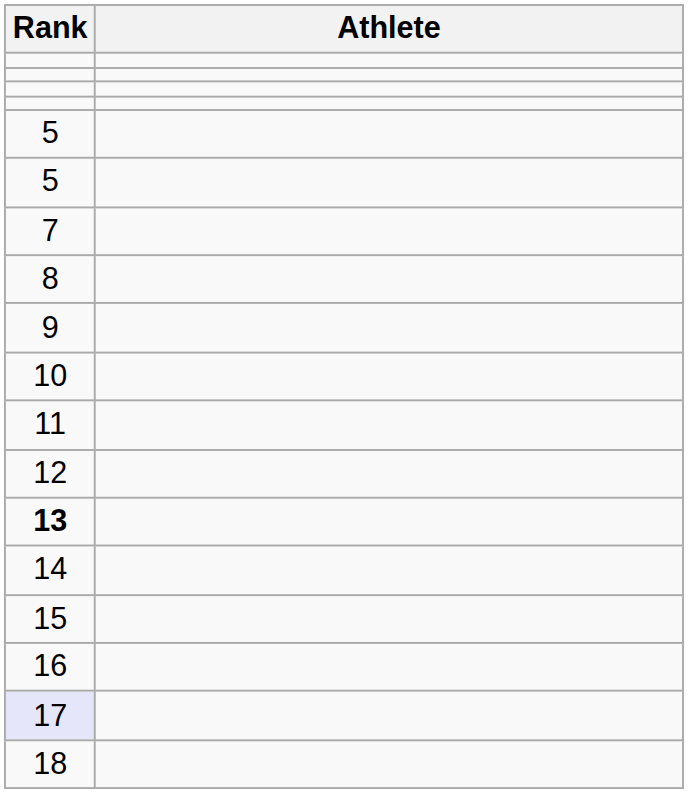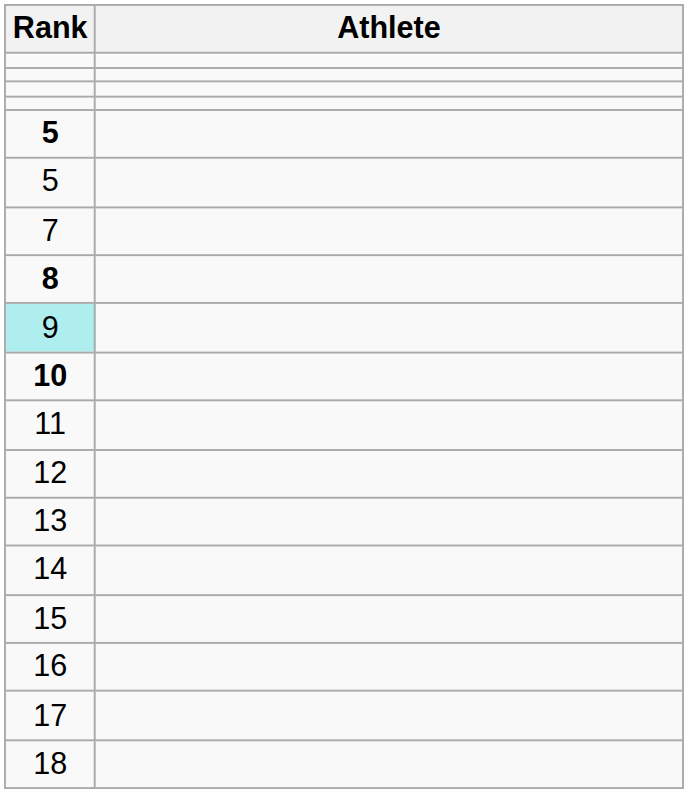 <table class="wikitable" style="text-align: center;">
 <tr>
 <th width=40>Rank</th>
 <th width=300>Athlete</th>
 </tr>
 <tr>
 <td></td>
 <td align="left"></td>
 </tr>
 <tr>
 <td></td>
 <td align="left"></td>
 </tr>
 <tr>
 <td></td>
 <td align="left"></td>
 </tr>
 <tr>
 <td></td>
 <td align="left"></td>
 </tr>
 <tr>
-<td>5</td>
+<td><strong>5</strong></td>
 <td align="left"></td>
 </tr>
 <tr>
 <td>5</td>
 <td align="left"></td>
 </tr>
 <tr>
 <td>7</td>
 <td align="left"></td>
 </tr>
 <tr>
-<td>8</td>
+<td><strong>8</strong></td>
 <td align="left"></td>
 </tr>
 <tr>
-<td>9</td>
+<td style="background: paleturquoise;">9</td>
 <td align="left"></td>
 </tr>
 <tr>
-<td>10</td>
+<td><strong>10</strong></td>
 <td align="left"></td>
 </tr>
 <tr>
 <td>11</td>
 <td align="left"></td>
 </tr>
 <tr>
 <td>12</td>
 <td align="left"></td>
 </tr>
 <tr>
-<td><strong>13</strong></td>
+<td>13</td>
 <td align="left"></td>
 </tr>
 <tr>
 <td>14</td>
 <td align="left"></td>
 </tr>
 <tr>
 <td>15</td>
 <td align="left"></td>
 </tr>
 <tr>
 <td>16</td>
 <td align="left"></td>
 </tr>
 <tr>
-<td style="background: lavender;">17</td>
+<td>17</td>
 <td align="left"></td>
 </tr>
 <tr>
 <td>18</td>
 <td align="left"></td>
 </tr>
 </table>
